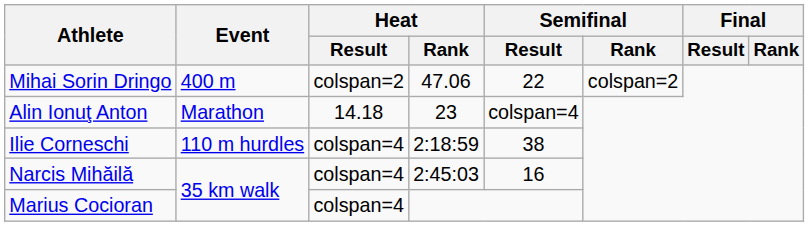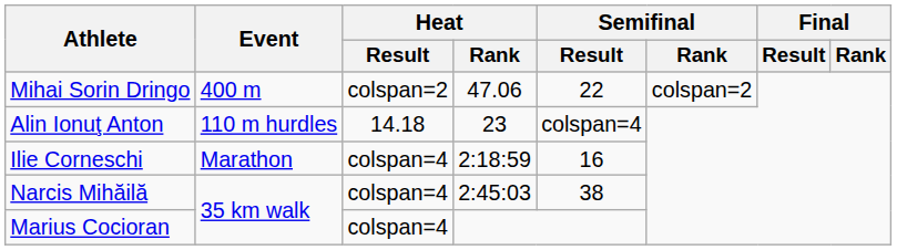 <table class="wikitable" style="font-size:90%">
 <tr>
 <th rowspan="2">Athlete</th>
 <th rowspan="2">Event</th>
 <th colspan="2">Heat</th>
 <th colspan="2">Semifinal</th>
 <th colspan="2">Final</th>
 </tr>
 <tr style="font-size:95%">
 <th>Result</th>
 <th>Rank</th>
 <th>Result</th>
 <th>Rank</th>
 <th>Result</th>
 <th>Rank</th>
 </tr>
 <tr align=center>
 <td align=left><a href='#'>Mihai Sorin Dringo</a></td>
 <td align=left><a href='#'>400 m</a></td>
 <td>colspan=2</td>
 <td>47.06</td>
 <td>22</td>
 <td>colspan=2 </td>
 </tr>
 <tr align=center>
 <td align=left><a href='#'>Alin Ionuţ Anton</a></td>
-<td align=left><a href='#'>Marathon</a></td>
+<td align=left><a href='#'>110 m hurdles</a></td>
 <td>14.18</td>
 <td>23</td>
 <td>colspan=4 </td>
 </tr>
 <tr align=center>
 <td align=left><a href='#'>Ilie Corneschi</a></td>
-<td align=left><a href='#'>110 m hurdles</a></td>
+<td align=left><a href='#'>Marathon</a></td>
 <td>colspan=4 </td>
 <td>2:18:59</td>
-<td>38</td>
+<td>16</td>
 </tr>
 <tr align=center>
 <td align=left><a href='#'>Narcis Mihăilă</a></td>
 <td align=left rowspan=2><a href='#'>35 km walk</a></td>
 <td>colspan=4 </td>
 <td>2:45:03</td>
-<td>16</td>
+<td>38</td>
 </tr>
 <tr align=center>
 <td align=left><a href='#'>Marius Cocioran</a></td>
 <td>colspan=4 </td>
 <td colspan=2></td>
 </tr>
 </table>
